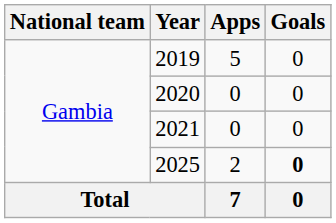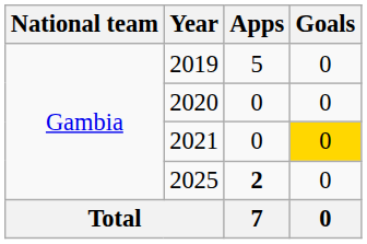 <table class="wikitable" style="text-align:center">
 <tr>
 <th>National team</th>
 <th>Year</th>
 <th>Apps</th>
 <th>Goals</th>
 </tr>
 <tr>
 <td rowspan="4"><a href='#'>Gambia</a></td>
 <td>2019</td>
 <td>5</td>
 <td>0</td>
 </tr>
 <tr>
 <td>2020</td>
 <td>0</td>
 <td>0</td>
 </tr>
 <tr>
 <td>2021</td>
 <td>0</td>
-<td>0</td>
+<td style="background: gold;">0</td>
 </tr>
 <tr>
 <td>2025</td>
-<td>2</td>
-<td><strong>0</strong></td>
+<td><strong>2</strong></td>
+<td>0</td>
 </tr>
 <tr>
 <th colspan="2">Total</th>
 <th>7</th>
 <th>0</th>
 </tr>
 </table>
